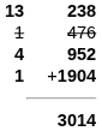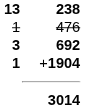 <table style="text-align:right;border-collapse:collapse;">
 <tr>
 <td><strong>13</strong></td>
 <td><strong>238</strong></td>
 </tr>
 <tr>
 <td><s>1</s></td>
 <td><s>476</s></td>
 </tr>
 <tr>
-<td><strong>4</strong></td>
-<td><strong>952</strong></td>
+<td><strong>3</strong></td>
+<td><strong>692</strong></td>
 </tr>
 <tr>
 <td><strong>1</strong></td>
 <td>+<strong>1904</strong></td>
 </tr>
 <tr>
 <td></td>
 <td><hr></td>
 </tr>
 <tr>
 <td></td>
 <td><strong>3014</strong></td>
 </tr>
 <tr>
 <td style="width:4em;"> </td>
 <td style="width:4em;"> </td>
 </tr>
 </table>
